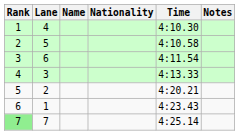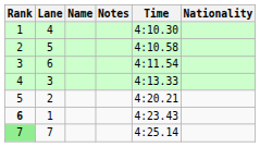 <table class="wikitable sortable" style="text-align:center">
 <tr>
 <th>Rank</th>
 <th>Lane</th>
 <th>Name</th>
+<th>Notes</th>
+<th>Time</th>
 <th>Nationality</th>
-<th>Time</th>
-<th>Notes</th>
 </tr>
 <tr bgcolor=ccffcc>
 <td>1</td>
 <td>4</td>
 <td align=left></td>
+<td><strong></strong></td>
+<td>4:10.30</td>
 <td align=left></td>
-<td>4:10.30</td>
-<td><strong></strong></td>
 </tr>
 <tr bgcolor=ccffcc>
 <td>2</td>
 <td>5</td>
 <td align=left></td>
+<td><strong></strong></td>
+<td>4:10.58</td>
 <td align=left></td>
-<td>4:10.58</td>
-<td><strong></strong></td>
 </tr>
 <tr bgcolor=ccffcc>
 <td>3</td>
 <td>6</td>
 <td align=left></td>
+<td><strong></strong></td>
+<td>4:11.54</td>
 <td align=left></td>
-<td>4:11.54</td>
-<td><strong></strong></td>
 </tr>
 <tr bgcolor=ccffcc>
 <td>4</td>
 <td>3</td>
 <td align=left></td>
+<td><strong></strong></td>
+<td>4:13.33</td>
 <td align=left></td>
-<td>4:13.33</td>
-<td><strong></strong></td>
 </tr>
 <tr>
 <td>5</td>
 <td>2</td>
 <td align=left></td>
+<td></td>
+<td>4:20.21</td>
 <td align=left></td>
-<td>4:20.21</td>
-<td></td>
 </tr>
 <tr>
-<td>6</td>
+<td><strong>6</strong></td>
 <td>1</td>
 <td align=left></td>
+<td></td>
+<td>4:23.43</td>
 <td align=left></td>
-<td>4:23.43</td>
-<td></td>
 </tr>
 <tr>
 <td style="background: lightgreen;">7</td>
 <td>7</td>
 <td align=left></td>
+<td></td>
+<td>4:25.14</td>
 <td align=left></td>
-<td>4:25.14</td>
-<td></td>
 </tr>
 </table>
